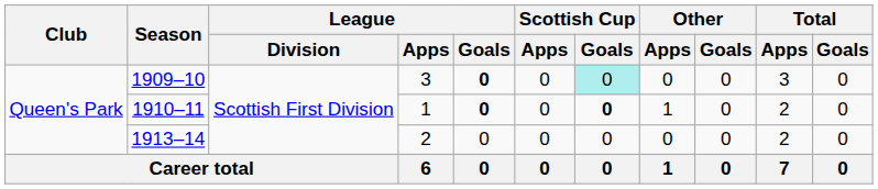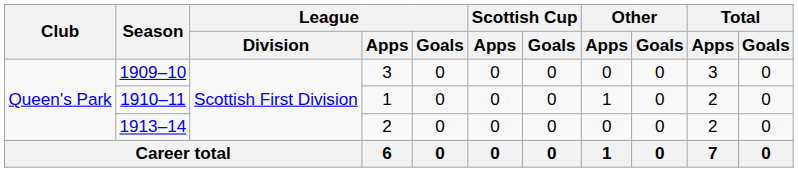 <table class="wikitable" style="text-align: center;">
 <tr>
 <th rowspan="2">Club</th>
 <th rowspan="2">Season</th>
 <th colspan="3">League</th>
 <th colspan="2">Scottish Cup</th>
 <th colspan="2">Other</th>
 <th colspan="2">Total</th>
 </tr>
 <tr>
 <th>Division</th>
 <th>Apps</th>
 <th>Goals</th>
 <th>Apps</th>
 <th>Goals</th>
 <th>Apps</th>
 <th>Goals</th>
 <th>Apps</th>
 <th>Goals</th>
 </tr>
 <tr>
 <td rowspan="3"><a href='#'>Queen's Park</a></td>
 <td><a href='#'>1909–10</a></td>
 <td rowspan="3"><a href='#'>Scottish First Division</a></td>
 <td>3</td>
-<td><strong>0</strong></td>
 <td>0</td>
-<td style="background: paleturquoise;">0</td>
+<td>0</td>
+<td>0</td>
 <td>0</td>
 <td>0</td>
 <td>3</td>
 <td>0</td>
 </tr>
 <tr>
 <td><a href='#'>1910–11</a></td>
 <td>1</td>
-<td><strong>0</strong></td>
 <td>0</td>
-<td><strong>0</strong></td>
+<td>0</td>
+<td>0</td>
 <td>1</td>
 <td>0</td>
 <td>2</td>
 <td>0</td>
 </tr>
 <tr>
 <td><a href='#'>1913–14</a></td>
 <td>2</td>
 <td>0</td>
 <td>0</td>
 <td>0</td>
 <td>0</td>
 <td>0</td>
 <td>2</td>
 <td>0</td>
 </tr>
 <tr>
 <th colspan="3">Career total</th>
 <th>6</th>
 <th>0</th>
 <th>0</th>
 <th>0</th>
 <th>1</th>
 <th>0</th>
 <th>7</th>
 <th>0</th>
 </tr>
 </table>
